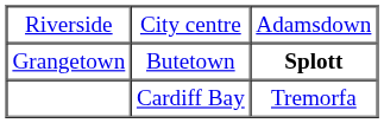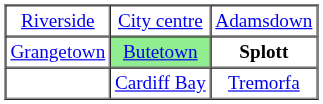 <table border=1 cellpadding=3 cellspacing=0 align=center style="text-align:center;">
 <tr>
 <td><a href='#'>Riverside</a></td>
 <td><a href='#'>City centre</a></td>
 <td><a href='#'>Adamsdown</a></td>
 </tr>
 <tr>
 <td><a href='#'>Grangetown</a></td>
-<td><a href='#'>Butetown</a></td>
+<td style="background: lightgreen;"><a href='#'>Butetown</a></td>
 <td><strong>Splott</strong></td>
 </tr>
 <tr>
 <td></td>
 <td><a href='#'>Cardiff Bay</a></td>
 <td><a href='#'>Tremorfa</a></td>
 </tr>
 </table>
